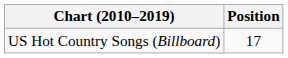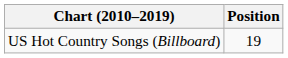 <table class="wikitable">
 <tr>
 <th>Chart (2010–2019)</th>
 <th>Position</th>
 </tr>
 <tr>
 <td>US Hot Country Songs (<em>Billboard</em>)</td>
-<td style="text-align:center;">17</td>
+<td style="text-align:center;">19</td>
 </tr>
 </table>
